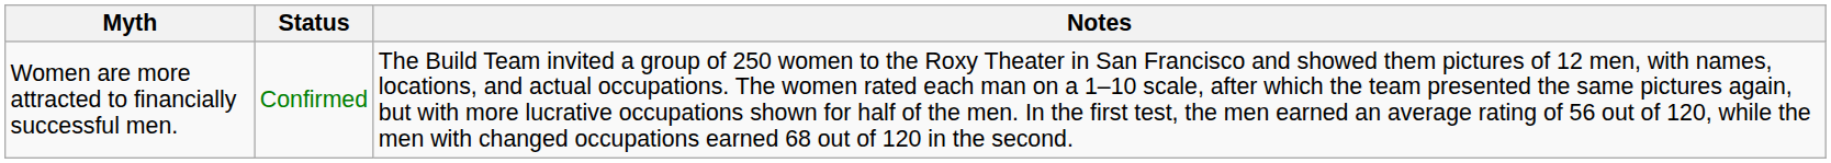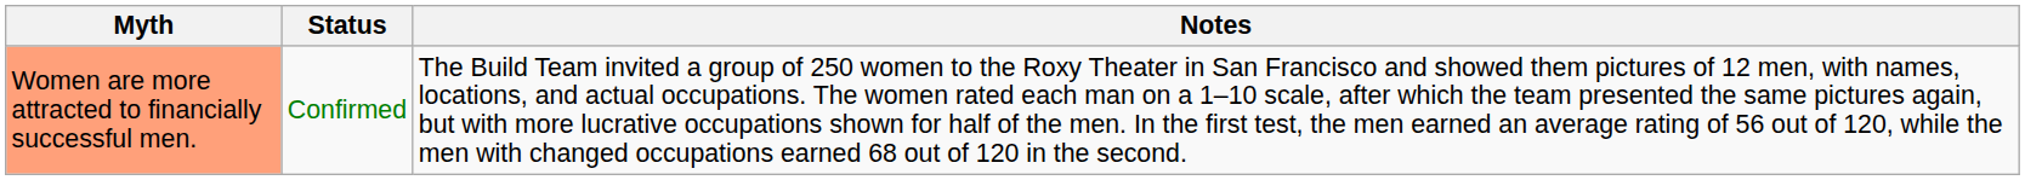 <table class="wikitable plainrowheaders">
 <tr>
 <th scope"col">Myth</th>
 <th scope"col">Status</th>
 <th scope"col">Notes</th>
 </tr>
 <tr>
-<td scope"row">Women are more attracted to financially successful men.</td>
+<td scope"row" style="background: lightsalmon;">Women are more attracted to financially successful men.</td>
 <td style="color:green">Confirmed</td>
 <td>The Build Team invited a group of 250 women to the Roxy Theater in San Francisco and showed them pictures of 12 men, with names, locations, and actual occupations. The women rated each man on a 1–10 scale, after which the team presented the same pictures again, but with more lucrative occupations shown for half of the men. In the first test, the men earned an average rating of 56 out of 120, while the men with changed occupations earned 68 out of 120 in the second.</td>
 </tr>
 </table>
